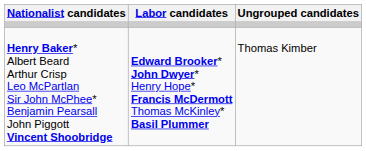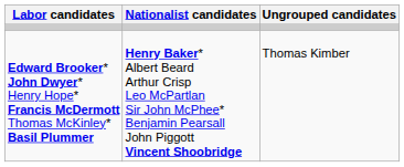 <table class="wikitable">
 <tr>
+<th><a href='#'>Labor</a> candidates</th>
 <th><a href='#'>Nationalist</a> candidates</th>
-<th><a href='#'>Labor</a> candidates</th>
 <th>Ungrouped candidates</th>
 </tr>
 <tr bgcolor="#cccccc">
 <td></td>
 <td></td>
 <td></td>
 </tr>
 <tr>
+<td><br><strong><a href='#'>Edward Brooker</a></strong>*<br> <strong><a href='#'>John Dwyer</a></strong>*<br> <a href='#'>Henry Hope</a>*<br> <strong><a href='#'>Francis McDermott</a></strong><br> <a href='#'>Thomas McKinley</a>*<br> <strong><a href='#'>Basil Plummer</a></strong></td>
 <td><br><strong><a href='#'>Henry Baker</a></strong>*<br> Albert Beard<br> Arthur Crisp<br> <a href='#'>Leo McPartlan</a><br> <a href='#'>Sir John McPhee</a>*<br> <a href='#'>Benjamin Pearsall</a><br> John Piggott<br> <strong><a href='#'>Vincent Shoobridge</a></strong></td>
-<td><br><strong><a href='#'>Edward Brooker</a></strong>*<br> <strong><a href='#'>John Dwyer</a></strong>*<br> <a href='#'>Henry Hope</a>*<br> <strong><a href='#'>Francis McDermott</a></strong><br> <a href='#'>Thomas McKinley</a>*<br> <strong><a href='#'>Basil Plummer</a></strong></td>
 <td valign=top><br>Thomas Kimber</td>
 </tr>
 </table>
